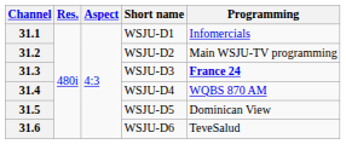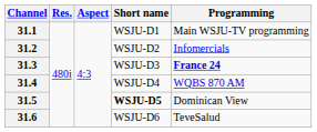 <table class="wikitable">
 <tr>
 <th><a href='#'>Channel</a></th>
 <th><a href='#'>Res.</a></th>
 <th><a href='#'>Aspect</a></th>
 <th>Short name</th>
 <th>Programming</th>
 </tr>
 <tr>
 <th scope = "row">31.1</th>
 <td rowspan=6><a href='#'>480i</a></td>
 <td rowspan=6><a href='#'>4:3</a></td>
 <td>WSJU-D1</td>
-<td><a href='#'>Infomercials</a></td>
+<td>Main WSJU-TV programming</td>
 </tr>
 <tr>
 <th scope = "row">31.2</th>
 <td>WSJU-D2</td>
-<td>Main WSJU-TV programming</td>
+<td><a href='#'>Infomercials</a></td>
 </tr>
 <tr>
 <th scope = "row">31.3</th>
 <td>WSJU-D3</td>
 <td><strong><a href='#'>France 24</a></strong></td>
 </tr>
 <tr>
 <th scope = "row">31.4</th>
 <td>WSJU-D4</td>
 <td><a href='#'>WQBS 870 AM</a></td>
 </tr>
 <tr>
 <th scope = "row">31.5</th>
-<td>WSJU-D5</td>
+<td><strong>WSJU-D5</strong></td>
 <td>Dominican View</td>
 </tr>
 <tr>
 <th scope = "row">31.6</th>
 <td>WSJU-D6</td>
 <td>TeveSalud</td>
 </tr>
 </table>
